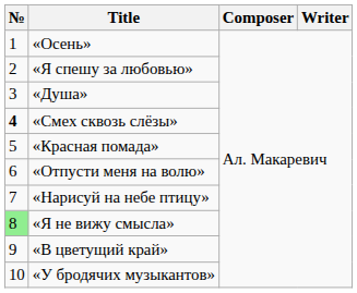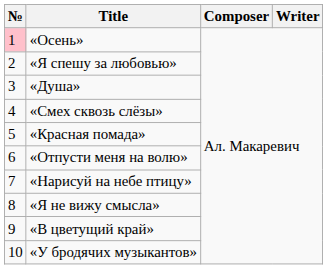 <table class="wikitable">
 <tr>
 <th>№</th>
 <th>Title</th>
 <th>Composer</th>
 <th>Writer</th>
 </tr>
 <tr>
-<td>1</td>
+<td style="background: pink;">1</td>
 <td>«Осень»</td>
 <td colspan=10; rowspan=10>Ал. Макаревич</td>
 </tr>
 <tr>
 <td>2</td>
 <td>«Я спешу за любовью»</td>
 </tr>
 <tr>
 <td>3</td>
 <td>«Душа»</td>
 </tr>
 <tr>
-<td><strong>4</strong></td>
+<td>4</td>
 <td>«Смех сквозь слёзы»</td>
 </tr>
 <tr>
 <td>5</td>
 <td>«Красная помада»</td>
 </tr>
 <tr>
 <td>6</td>
 <td>«Отпусти меня на волю»</td>
 </tr>
 <tr>
 <td>7</td>
 <td>«Нарисуй на небе птицу»</td>
 </tr>
 <tr>
-<td style="background: lightgreen;">8</td>
+<td>8</td>
 <td>«Я не вижу смысла»</td>
 </tr>
 <tr>
 <td>9</td>
 <td>«В цветущий край»</td>
 </tr>
 <tr>
 <td>10</td>
 <td>«У бродячих музыкантов»</td>
 </tr>
 </table>
